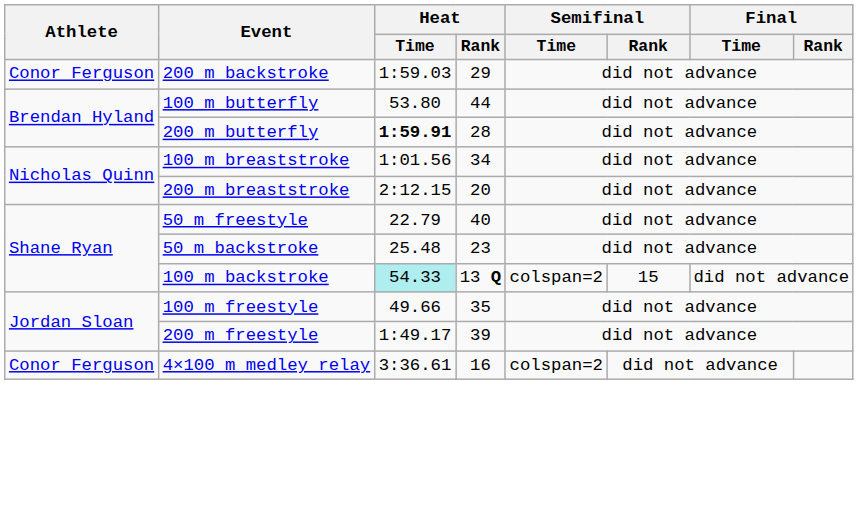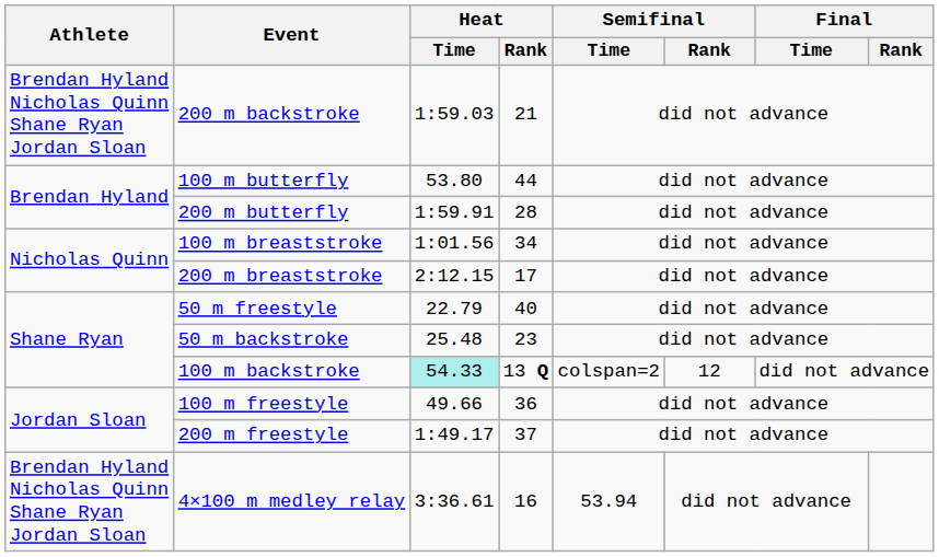 <table class=wikitable style="font-size:90%">
 <tr>
 <th rowspan="2">Athlete</th>
 <th rowspan="2">Event</th>
 <th colspan="2">Heat</th>
 <th colspan="2">Semifinal</th>
 <th colspan="2">Final</th>
 </tr>
 <tr style="font-size:95%">
 <th>Time</th>
 <th>Rank</th>
 <th>Time</th>
 <th>Rank</th>
 <th>Time</th>
 <th>Rank</th>
 </tr>
 <tr align=center>
-<td align=left><a href='#'>Conor Ferguson</a></td>
+<td align=left><a href='#'>Brendan Hyland</a><br><a href='#'>Nicholas Quinn</a><br><a href='#'>Shane Ryan</a><br><a href='#'>Jordan Sloan</a></td>
 <td align=left><a href='#'>200 m backstroke</a></td>
 <td>1:59.03</td>
-<td>29</td>
+<td>21</td>
 <td colspan=4>did not advance</td>
 </tr>
 <tr align=center>
 <td align=left rowspan=2><a href='#'>Brendan Hyland</a></td>
 <td align=left><a href='#'>100 m butterfly</a></td>
 <td>53.80</td>
 <td>44</td>
 <td colspan=4>did not advance</td>
 </tr>
 <tr align=center>
 <td align=left><a href='#'>200 m butterfly</a></td>
-<td><strong>1:59.91</strong></td>
+<td>1:59.91</td>
 <td>28</td>
 <td colspan=4>did not advance</td>
 </tr>
 <tr align=center>
 <td align=left rowspan=2><a href='#'>Nicholas Quinn</a></td>
 <td align=left><a href='#'>100 m breaststroke</a></td>
 <td>1:01.56</td>
 <td>34</td>
 <td colspan=4>did not advance</td>
 </tr>
 <tr align=center>
 <td align=left><a href='#'>200 m breaststroke</a></td>
 <td>2:12.15</td>
-<td>20</td>
+<td>17</td>
 <td colspan=4>did not advance</td>
 </tr>
 <tr align=center>
 <td align=left rowspan=3><a href='#'>Shane Ryan</a></td>
 <td align=left><a href='#'>50 m freestyle</a></td>
 <td>22.79</td>
 <td>40</td>
 <td colspan=4>did not advance</td>
 </tr>
 <tr align=center>
 <td align=left><a href='#'>50 m backstroke</a></td>
 <td>25.48</td>
 <td>23</td>
 <td colspan=4>did not advance</td>
 </tr>
 <tr align=center>
 <td align=left><a href='#'>100 m backstroke</a></td>
 <td style="background: paleturquoise;">54.33</td>
 <td>13 <strong>Q</strong></td>
 <td>colspan=2 </td>
-<td>15</td>
+<td>12</td>
 <td colspan=2>did not advance</td>
 </tr>
 <tr align=center>
 <td align=left rowspan=2><a href='#'>Jordan Sloan</a></td>
 <td align=left><a href='#'>100 m freestyle</a></td>
 <td>49.66</td>
-<td>35</td>
+<td>36</td>
 <td colspan=4>did not advance</td>
 </tr>
 <tr align=center>
 <td align=left><a href='#'>200 m freestyle</a></td>
 <td>1:49.17</td>
-<td>39</td>
+<td>37</td>
 <td colspan=4>did not advance</td>
 </tr>
 <tr align=center>
-<td align=left><a href='#'>Conor Ferguson</a></td>
+<td align=left><a href='#'>Brendan Hyland</a><br><a href='#'>Nicholas Quinn</a><br><a href='#'>Shane Ryan</a><br><a href='#'>Jordan Sloan</a></td>
 <td align=left><a href='#'>4×100 m medley relay</a></td>
 <td>3:36.61</td>
 <td>16</td>
-<td>colspan=2 </td>
+<td>53.94</td>
 <td colspan=2>did not advance</td>
 </tr>
 </table>
